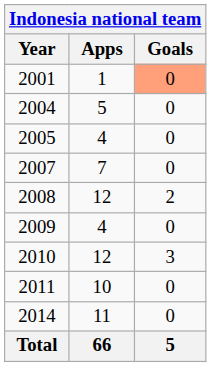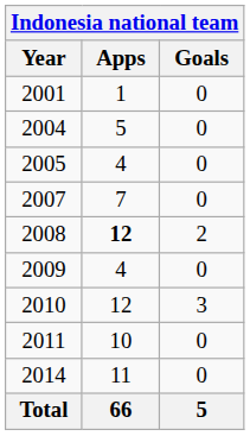 <table class="wikitable" style="text-align:center">
 <tr>
 <th colspan=3><a href='#'>Indonesia national team</a></th>
 </tr>
 <tr>
 <th>Year</th>
 <th>Apps</th>
 <th>Goals</th>
 </tr>
 <tr>
 <td>2001</td>
 <td>1</td>
-<td style="background: lightsalmon;">0</td>
+<td>0</td>
 </tr>
 <tr>
 <td>2004</td>
 <td>5</td>
 <td>0</td>
 </tr>
 <tr>
 <td>2005</td>
 <td>4</td>
 <td>0</td>
 </tr>
 <tr>
 <td>2007</td>
 <td>7</td>
 <td>0</td>
 </tr>
 <tr>
 <td>2008</td>
-<td>12</td>
+<td><strong>12</strong></td>
 <td>2</td>
 </tr>
 <tr>
 <td>2009</td>
 <td>4</td>
 <td>0</td>
 </tr>
 <tr>
 <td>2010</td>
 <td>12</td>
 <td>3</td>
 </tr>
 <tr>
 <td>2011</td>
 <td>10</td>
 <td>0</td>
 </tr>
 <tr>
 <td>2014</td>
 <td>11</td>
 <td>0</td>
 </tr>
 <tr>
 <th>Total</th>
 <th>66</th>
 <th>5</th>
 </tr>
 </table>
